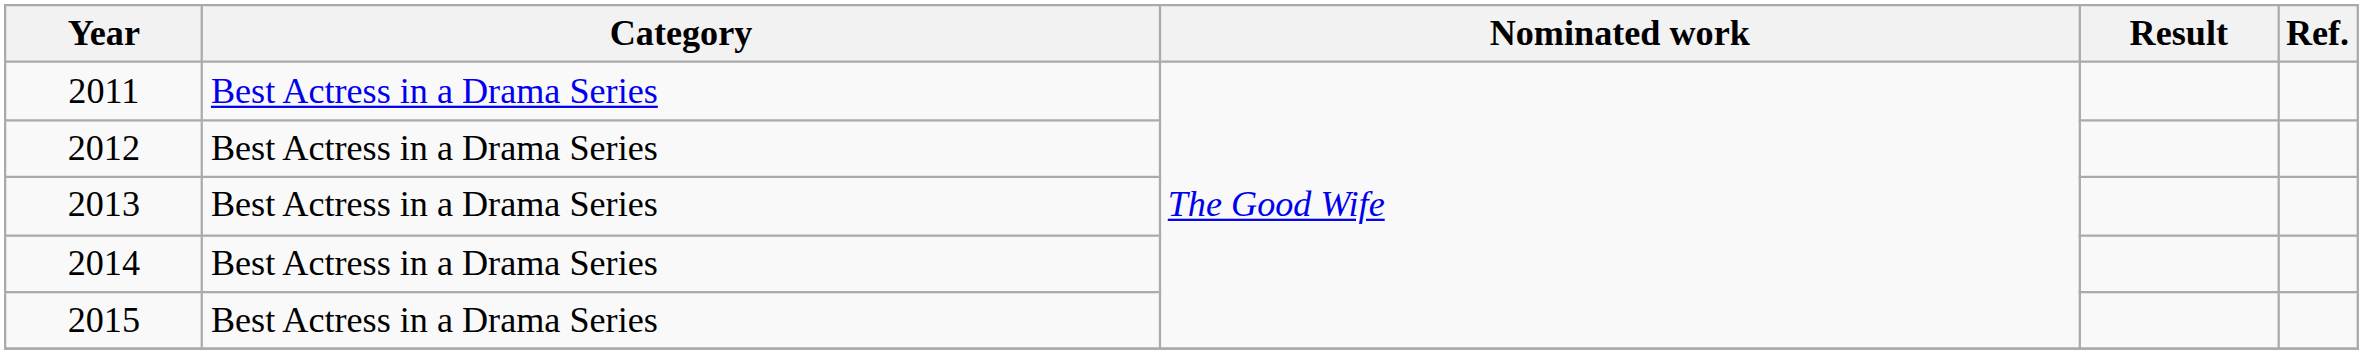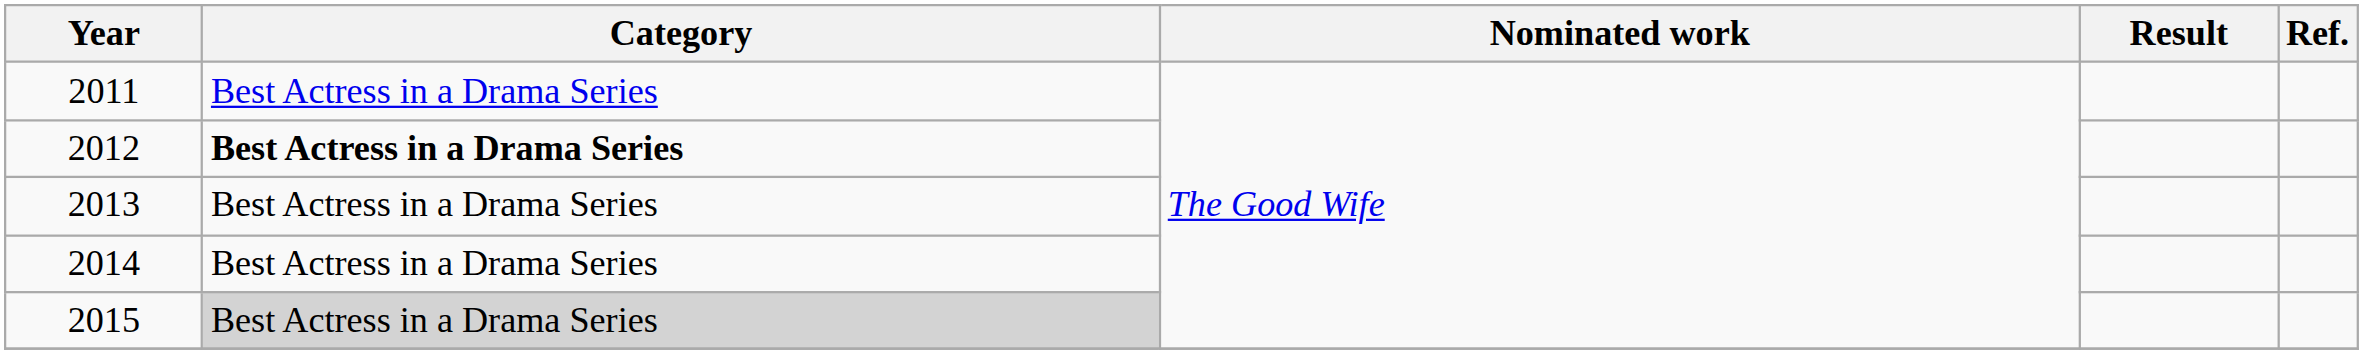 <table class=wikitable>
 <tr>
 <th scope="col" style="width:5em;">Year</th>
 <th scope="col" style="width:26em;">Category</th>
 <th scope="col" style="width:25em;">Nominated work</th>
 <th scope="col" style="width:5em;">Result</th>
 <th>Ref.</th>
 </tr>
 <tr>
 <td style="text-align:center;">2011</td>
 <td><a href='#'>Best Actress in a Drama Series</a></td>
 <td rowspan="5"><em><a href='#'>The Good Wife</a></em></td>
 <td></td>
 <td></td>
 </tr>
 <tr>
 <td style="text-align:center;">2012</td>
-<td>Best Actress in a Drama Series</td>
+<td><strong>Best Actress in a Drama Series</strong></td>
 <td></td>
 <td></td>
 </tr>
 <tr>
 <td style="text-align:center;">2013</td>
 <td>Best Actress in a Drama Series</td>
 <td></td>
 <td></td>
 </tr>
 <tr>
 <td style="text-align:center;">2014</td>
 <td>Best Actress in a Drama Series</td>
 <td></td>
 <td></td>
 </tr>
 <tr>
 <td style="text-align:center;">2015</td>
-<td>Best Actress in a Drama Series</td>
+<td style="background: lightgrey;">Best Actress in a Drama Series</td>
 <td></td>
 <td></td>
 </tr>
 <tr>
 </tr>
 </table>
